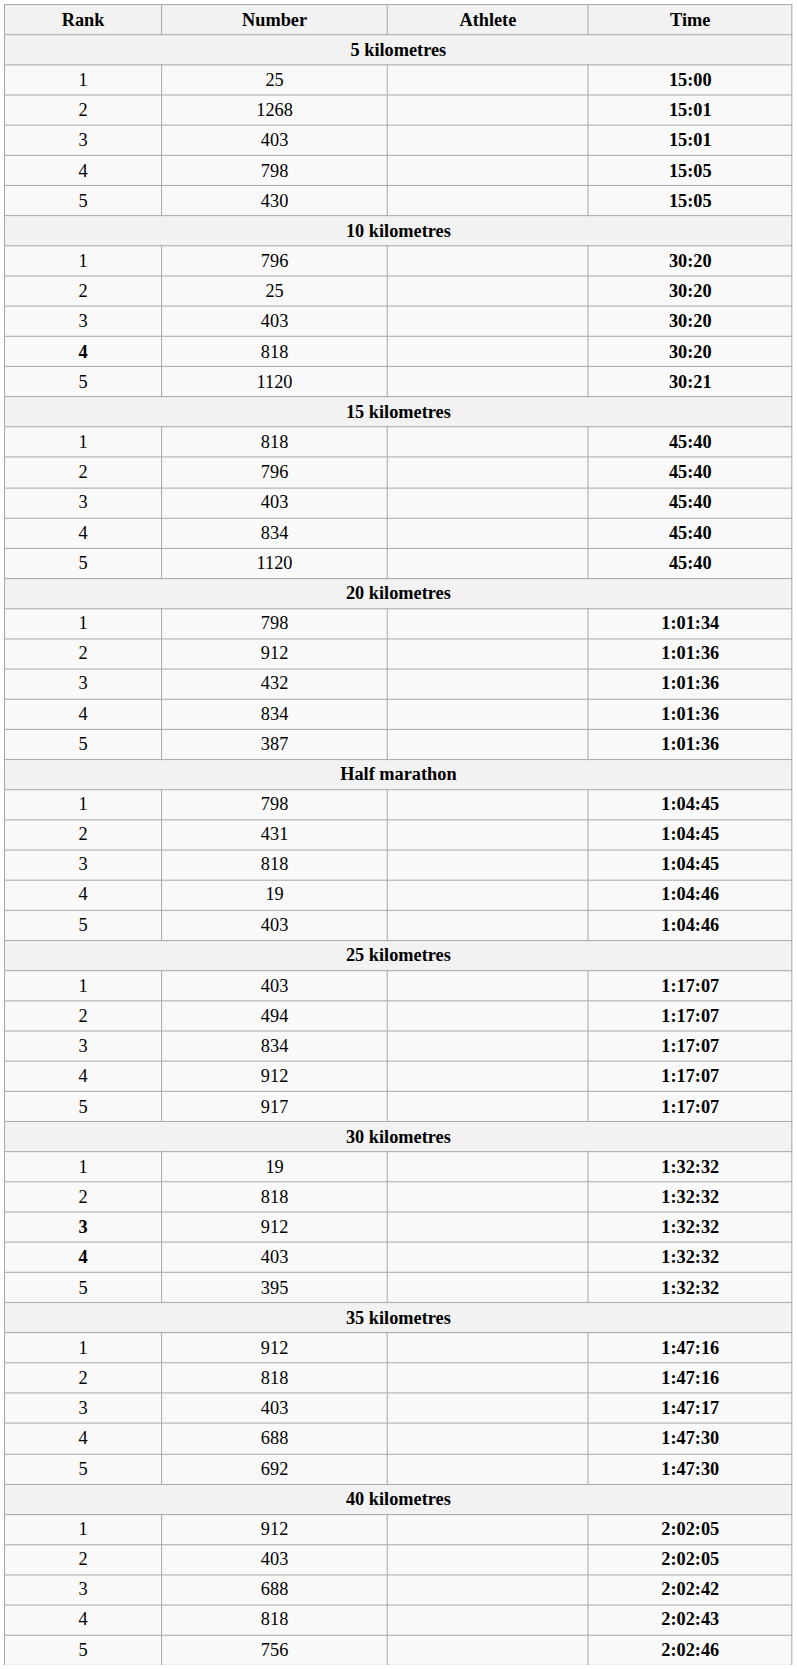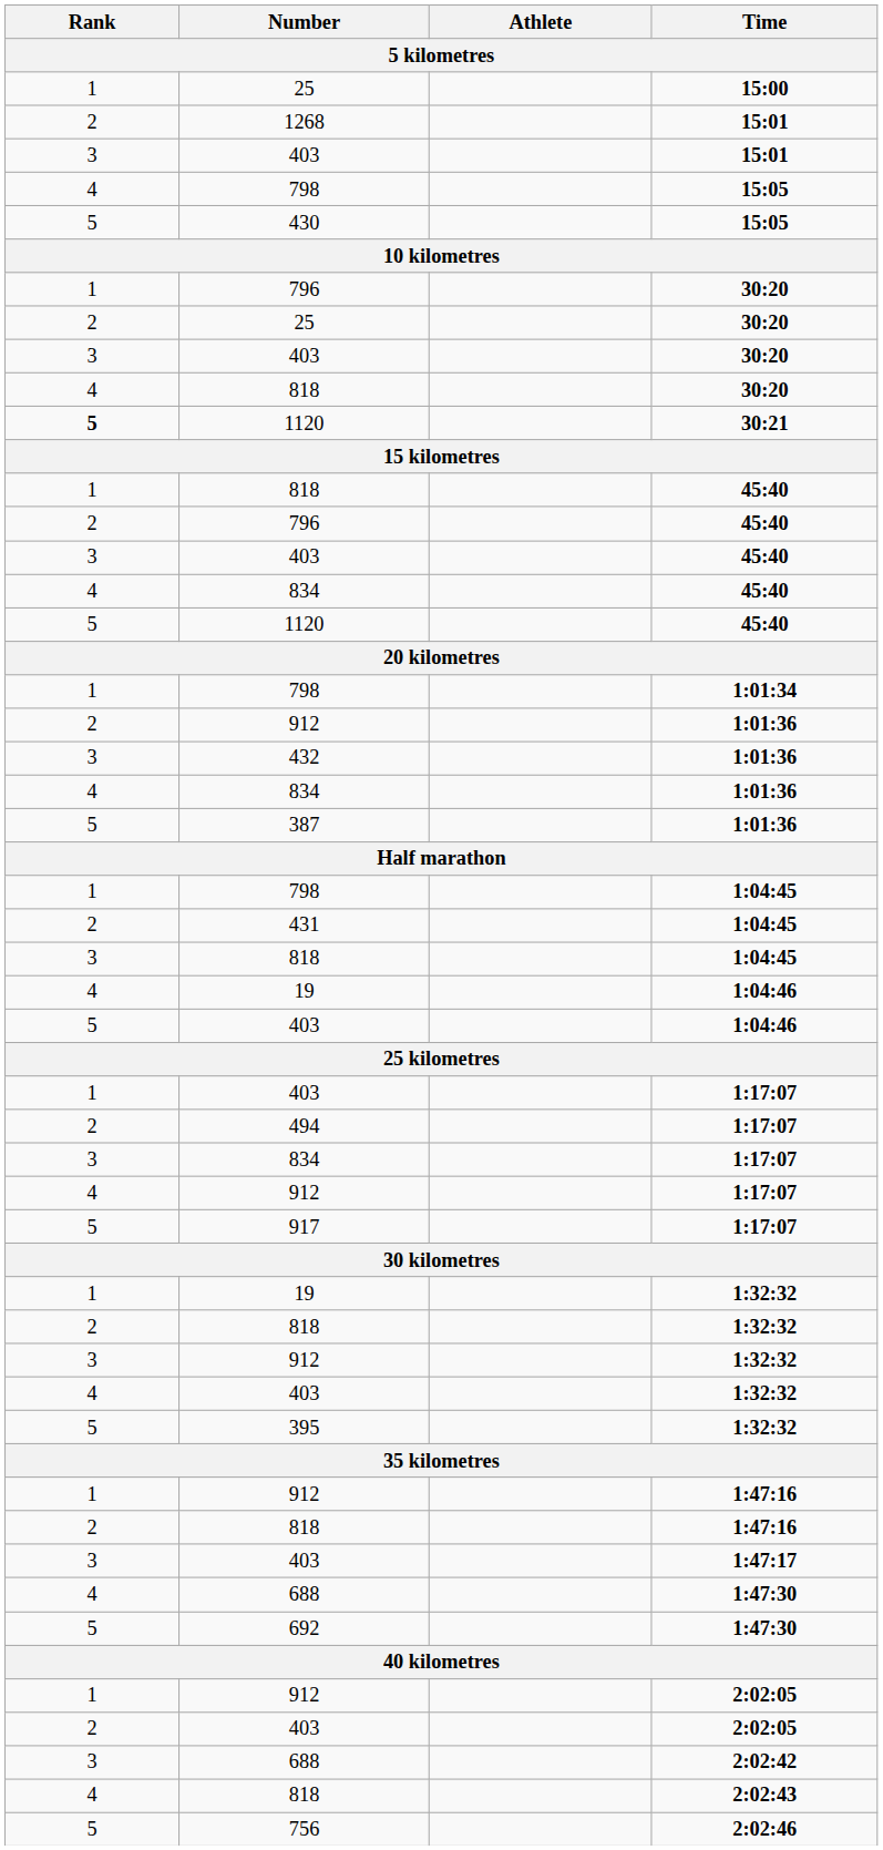 <table class="wikitable" style=" text-align:center; font-size:110%;" width="60%">
 <tr>
 <th>Rank</th>
 <th>Number</th>
 <th>Athlete</th>
 <th>Time</th>
 </tr>
 <tr>
 <th colspan="4">5 kilometres</th>
 </tr>
 <tr>
 <td>1</td>
 <td>25</td>
 <td align=left></td>
 <td><strong>15:00</strong></td>
 </tr>
 <tr>
 <td>2</td>
 <td>1268</td>
 <td align=left></td>
 <td><strong>15:01</strong></td>
 </tr>
 <tr>
 <td>3</td>
 <td>403</td>
 <td align=left></td>
 <td><strong>15:01</strong></td>
 </tr>
 <tr>
 <td>4</td>
 <td>798</td>
 <td align=left></td>
 <td><strong>15:05</strong></td>
 </tr>
 <tr>
 <td>5</td>
 <td>430</td>
 <td align=left></td>
 <td><strong>15:05</strong></td>
 </tr>
 <tr>
 <th colspan="4">10 kilometres</th>
 </tr>
 <tr>
 <td>1</td>
 <td>796</td>
 <td align=left></td>
 <td><strong>30:20</strong></td>
 </tr>
 <tr>
 <td>2</td>
 <td>25</td>
 <td align=left></td>
 <td><strong>30:20</strong></td>
 </tr>
 <tr>
 <td>3</td>
 <td>403</td>
 <td align=left></td>
 <td><strong>30:20</strong></td>
 </tr>
 <tr>
-<td><strong>4</strong></td>
+<td>4</td>
 <td>818</td>
 <td align=left></td>
 <td><strong>30:20</strong></td>
 </tr>
 <tr>
-<td>5</td>
+<td><strong>5</strong></td>
 <td>1120</td>
 <td align=left></td>
 <td><strong>30:21</strong></td>
 </tr>
 <tr>
 <th colspan="4">15 kilometres</th>
 </tr>
 <tr>
 <td>1</td>
 <td>818</td>
 <td align=left></td>
 <td><strong>45:40</strong></td>
 </tr>
 <tr>
 <td>2</td>
 <td>796</td>
 <td align=left></td>
 <td><strong>45:40</strong></td>
 </tr>
 <tr>
 <td>3</td>
 <td>403</td>
 <td align=left></td>
 <td><strong>45:40</strong></td>
 </tr>
 <tr>
 <td>4</td>
 <td>834</td>
 <td align=left></td>
 <td><strong>45:40</strong></td>
 </tr>
 <tr>
 <td>5</td>
 <td>1120</td>
 <td align=left></td>
 <td><strong>45:40</strong></td>
 </tr>
 <tr>
 <th colspan="4">20 kilometres</th>
 </tr>
 <tr>
 <td>1</td>
 <td>798</td>
 <td align=left></td>
 <td><strong>1:01:34</strong></td>
 </tr>
 <tr>
 <td>2</td>
 <td>912</td>
 <td align=left></td>
 <td><strong>1:01:36</strong></td>
 </tr>
 <tr>
 <td>3</td>
 <td>432</td>
 <td align=left></td>
 <td><strong>1:01:36</strong></td>
 </tr>
 <tr>
 <td>4</td>
 <td>834</td>
 <td align=left></td>
 <td><strong>1:01:36</strong></td>
 </tr>
 <tr>
 <td>5</td>
 <td>387</td>
 <td align=left></td>
 <td><strong>1:01:36</strong></td>
 </tr>
 <tr>
 <th colspan="4">Half marathon</th>
 </tr>
 <tr>
 <td>1</td>
 <td>798</td>
 <td align=left></td>
 <td><strong>1:04:45</strong></td>
 </tr>
 <tr>
 <td>2</td>
 <td>431</td>
 <td align=left></td>
 <td><strong>1:04:45</strong></td>
 </tr>
 <tr>
 <td>3</td>
 <td>818</td>
 <td align=left></td>
 <td><strong>1:04:45</strong></td>
 </tr>
 <tr>
 <td>4</td>
 <td>19</td>
 <td align=left></td>
 <td><strong>1:04:46</strong></td>
 </tr>
 <tr>
 <td>5</td>
 <td>403</td>
 <td align=left></td>
 <td><strong>1:04:46</strong></td>
 </tr>
 <tr>
 <th colspan="4">25 kilometres</th>
 </tr>
 <tr>
 <td>1</td>
 <td>403</td>
 <td align=left></td>
 <td><strong>1:17:07</strong></td>
 </tr>
 <tr>
 <td>2</td>
 <td>494</td>
 <td align=left></td>
 <td><strong>1:17:07</strong></td>
 </tr>
 <tr>
 <td>3</td>
 <td>834</td>
 <td align=left></td>
 <td><strong>1:17:07</strong></td>
 </tr>
 <tr>
 <td>4</td>
 <td>912</td>
 <td align=left></td>
 <td><strong>1:17:07</strong></td>
 </tr>
 <tr>
 <td>5</td>
 <td>917</td>
 <td align=left></td>
 <td><strong>1:17:07</strong></td>
 </tr>
 <tr>
 <th colspan="4">30 kilometres</th>
 </tr>
 <tr>
 <td>1</td>
 <td>19</td>
 <td align=left></td>
 <td><strong>1:32:32</strong></td>
 </tr>
 <tr>
 <td>2</td>
 <td>818</td>
 <td align=left></td>
 <td><strong>1:32:32</strong></td>
 </tr>
 <tr>
-<td><strong>3</strong></td>
+<td>3</td>
 <td>912</td>
 <td align=left></td>
 <td><strong>1:32:32</strong></td>
 </tr>
 <tr>
-<td><strong>4</strong></td>
+<td>4</td>
 <td>403</td>
 <td align=left></td>
 <td><strong>1:32:32</strong></td>
 </tr>
 <tr>
 <td>5</td>
 <td>395</td>
 <td align=left></td>
 <td><strong>1:32:32</strong></td>
 </tr>
 <tr>
 <th colspan="4">35 kilometres</th>
 </tr>
 <tr>
 <td>1</td>
 <td>912</td>
 <td align=left></td>
 <td><strong>1:47:16</strong></td>
 </tr>
 <tr>
 <td>2</td>
 <td>818</td>
 <td align=left></td>
 <td><strong>1:47:16</strong></td>
 </tr>
 <tr>
 <td>3</td>
 <td>403</td>
 <td align=left></td>
 <td><strong>1:47:17</strong></td>
 </tr>
 <tr>
 <td>4</td>
 <td>688</td>
 <td align=left></td>
 <td><strong>1:47:30</strong></td>
 </tr>
 <tr>
 <td>5</td>
 <td>692</td>
 <td align=left></td>
 <td><strong>1:47:30</strong></td>
 </tr>
 <tr>
 <th colspan="4">40 kilometres</th>
 </tr>
 <tr>
 <td>1</td>
 <td>912</td>
 <td align=left></td>
 <td><strong>2:02:05</strong></td>
 </tr>
 <tr>
 <td>2</td>
 <td>403</td>
 <td align=left></td>
 <td><strong>2:02:05</strong></td>
 </tr>
 <tr>
 <td>3</td>
 <td>688</td>
 <td align=left></td>
 <td><strong>2:02:42</strong></td>
 </tr>
 <tr>
 <td>4</td>
 <td>818</td>
 <td align=left></td>
 <td><strong>2:02:43</strong></td>
 </tr>
 <tr>
 <td>5</td>
 <td>756</td>
 <td align=left></td>
 <td><strong>2:02:46</strong></td>
 </tr>
 </table>
